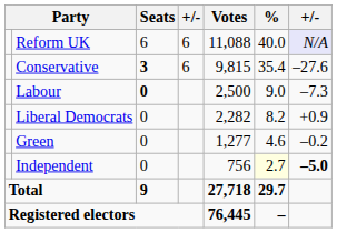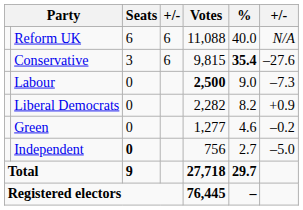 <table class="wikitable sortable">
 <tr>
 <th colspan="2">Party</th>
 <th>Seats</th>
 <th>+/-</th>
 <th>Votes</th>
 <th>%</th>
 <th>+/-</th>
 </tr>
 <tr>
 <td style="background-color: "></td>
 <td><a href='#'>Reform UK</a></td>
 <td>6</td>
 <td> 6</td>
 <td style="text-align:right;">11,088</td>
 <td style="text-align:right;">40.0</td>
-<td style="background: lavender; text-align:right;"><em>N/A</em></td>
+<td style="text-align:right;"><em>N/A</em></td>
 </tr>
 <tr>
 <td style="background-color: "></td>
 <td><a href='#'>Conservative</a></td>
-<td><strong>3</strong></td>
+<td>3</td>
 <td> 6</td>
 <td style="text-align:right;">9,815</td>
-<td style="text-align:right;">35.4</td>
+<td style="text-align:right;"><strong>35.4</strong></td>
 <td style="text-align:right;">–27.6</td>
 </tr>
 <tr>
 <td style="background-color: "></td>
 <td><a href='#'>Labour</a></td>
-<td><strong>0</strong></td>
+<td>0</td>
 <td></td>
-<td style="text-align:right;">2,500</td>
+<td style="text-align:right;"><strong>2,500</strong></td>
 <td style="text-align:right;">9.0</td>
 <td style="text-align:right;">–7.3</td>
 </tr>
 <tr>
 <td style="background-color: "></td>
 <td><a href='#'>Liberal Democrats</a></td>
 <td>0</td>
 <td></td>
 <td style="text-align:right;">2,282</td>
 <td style="text-align:right;">8.2</td>
 <td style="text-align:right;">+0.9</td>
 </tr>
 <tr>
 <td style="background-color: "></td>
 <td><a href='#'>Green</a></td>
 <td>0</td>
 <td></td>
 <td style="text-align:right;">1,277</td>
 <td style="text-align:right;">4.6</td>
 <td style="text-align:right;">–0.2</td>
 </tr>
 <tr>
 <td style="background-color: "></td>
 <td><a href='#'>Independent</a></td>
-<td>0</td>
+<td><strong>0</strong></td>
 <td></td>
 <td style="text-align:right;">756</td>
-<td style="background: lightyellow; text-align:right;">2.7</td>
-<td style="text-align:right;"><strong>–5.0</strong></td>
+<td style="text-align:right;">2.7</td>
+<td style="text-align:right;">–5.0</td>
 </tr>
 <tr>
 <td colspan="2"><strong>Total</strong></td>
 <td><strong>9</strong></td>
 <td></td>
 <td style="text-align:right;"><strong>27,718</strong></td>
 <td style="text-align:right;"><strong>29.7</strong></td>
 <td style="text-align:right;"></td>
 </tr>
 <tr>
 <td colspan="4"><strong>Registered electors</strong></td>
 <td style="text-align:right;"><strong>76,445</strong></td>
 <td style="text-align:right;"><strong>–</strong></td>
 <td style="text-align:right;"></td>
 </tr>
 </table>
